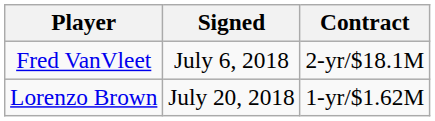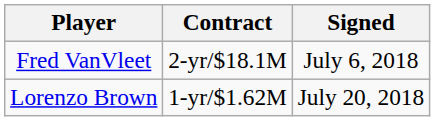 <table class="wikitable sortable sortable" style="text-align: center;">
 <tr>
 <th>Player</th>
+<th>Contract</th>
 <th>Signed</th>
-<th>Contract</th>
 </tr>
 <tr>
 <td><a href='#'>Fred VanVleet</a></td>
+<td>2-yr/$18.1M</td>
 <td>July 6, 2018</td>
-<td>2-yr/$18.1M</td>
 </tr>
 <tr>
 <td><a href='#'>Lorenzo Brown</a></td>
+<td>1-yr/$1.62M</td>
 <td>July 20, 2018</td>
-<td>1-yr/$1.62M</td>
 </tr>
 </table>
